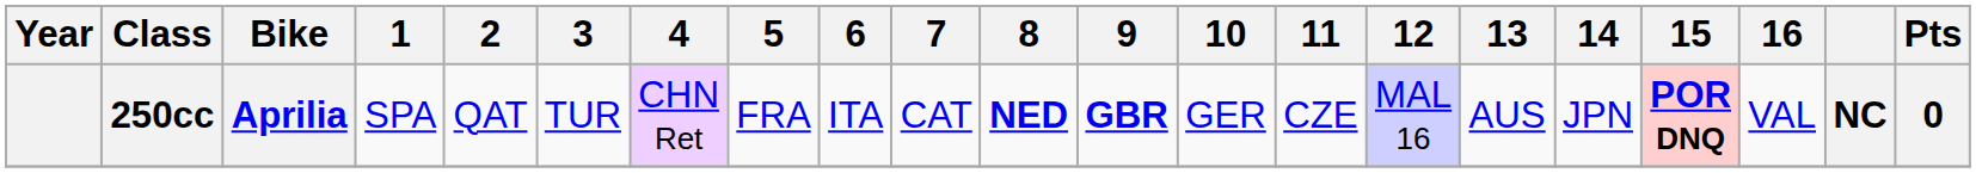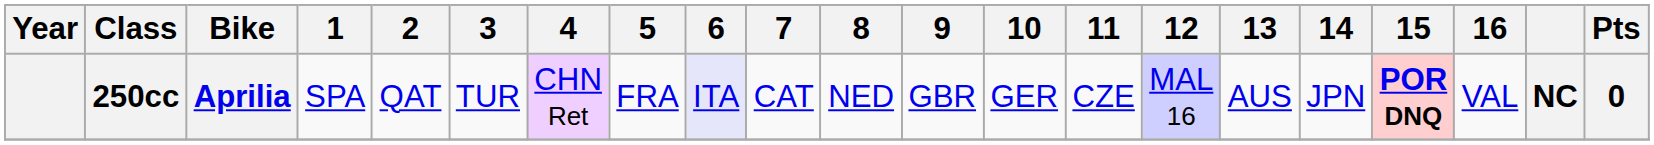 <table class="wikitable" style="text-align:center">
 <tr>
 <th>Year</th>
 <th>Class</th>
 <th>Bike</th>
 <th>1</th>
 <th>2</th>
 <th>3</th>
 <th>4</th>
 <th>5</th>
 <th>6</th>
 <th>7</th>
 <th>8</th>
 <th>9</th>
 <th>10</th>
 <th>11</th>
 <th>12</th>
 <th>13</th>
 <th>14</th>
 <th>15</th>
 <th>16</th>
 <th></th>
 <th>Pts</th>
 </tr>
 <tr>
 <th align="left"></th>
 <th align="left">250cc</th>
 <th align="left"><a href='#'>Aprilia</a></th>
 <td><a href='#'>SPA</a></td>
 <td><a href='#'>QAT</a></td>
 <td><a href='#'>TUR</a></td>
 <td style="background:#EFCFFF;"><a href='#'>CHN</a><br><small>Ret</small></td>
 <td><a href='#'>FRA</a></td>
-<td><a href='#'>ITA</a></td>
+<td style="background: lavender;"><a href='#'>ITA</a></td>
 <td><a href='#'>CAT</a></td>
-<td><strong><a href='#'>NED</a></strong></td>
-<td><strong><a href='#'>GBR</a></strong></td>
+<td><a href='#'>NED</a></td>
+<td><a href='#'>GBR</a></td>
 <td><a href='#'>GER</a></td>
 <td><a href='#'>CZE</a></td>
 <td style="background:#cfcfff;"><a href='#'>MAL</a><br><small>16</small></td>
 <td><a href='#'>AUS</a></td>
 <td><a href='#'>JPN</a></td>
 <td style="background:#ffcfcf;"><strong><a href='#'>POR</a><br><small>DNQ</small></strong></td>
 <td><a href='#'>VAL</a></td>
 <th>NC</th>
 <th>0</th>
 </tr>
 <tr>
 </tr>
 </table>
